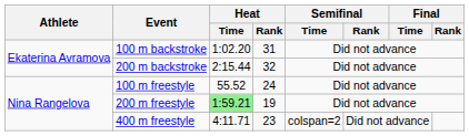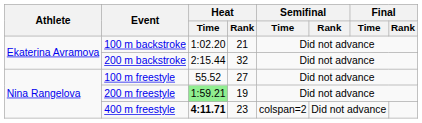 <table class=wikitable style="font-size:90%">
 <tr>
 <th rowspan="2">Athlete</th>
 <th rowspan="2">Event</th>
 <th colspan="2">Heat</th>
 <th colspan="2">Semifinal</th>
 <th colspan="2">Final</th>
 </tr>
 <tr style="font-size:95%">
 <th>Time</th>
 <th>Rank</th>
 <th>Time</th>
 <th>Rank</th>
 <th>Time</th>
 <th>Rank</th>
 </tr>
 <tr align=center>
 <td align=left rowspan=2><a href='#'>Ekaterina Avramova</a></td>
 <td align=left><a href='#'>100 m backstroke</a></td>
 <td>1:02.20</td>
-<td>31</td>
+<td>21</td>
 <td colspan=4>Did not advance</td>
 </tr>
 <tr align=center>
 <td align=left><a href='#'>200 m backstroke</a></td>
 <td>2:15.44</td>
 <td>32</td>
 <td colspan=4>Did not advance</td>
 </tr>
 <tr align=center>
 <td align=left rowspan=3><a href='#'>Nina Rangelova</a></td>
 <td align=left><a href='#'>100 m freestyle</a></td>
 <td>55.52</td>
-<td>24</td>
+<td>27</td>
 <td colspan=4>Did not advance</td>
 </tr>
 <tr align=center>
 <td align=left><a href='#'>200 m freestyle</a></td>
 <td style="background: lightgreen;">1:59.21</td>
 <td>19</td>
 <td colspan=4>Did not advance</td>
 </tr>
 <tr align=center>
 <td align=left><a href='#'>400 m freestyle</a></td>
-<td>4:11.71</td>
+<td><strong>4:11.71</strong></td>
 <td>23</td>
 <td>colspan=2 </td>
 <td colspan=2>Did not advance</td>
 </tr>
 </table>
